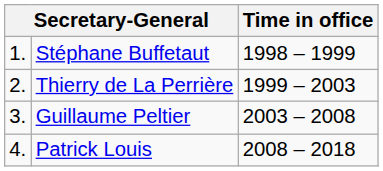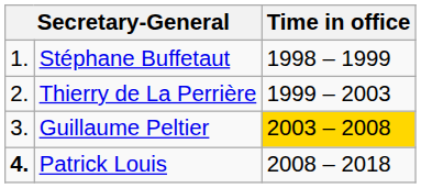 <table class="wikitable">
 <tr>
 <th colspan="2">Secretary-General</th>
 <th>Time in office</th>
 </tr>
 <tr>
 <td>1.</td>
 <td><a href='#'>Stéphane Buffetaut</a></td>
 <td>1998 – 1999</td>
 </tr>
 <tr>
 <td>2.</td>
 <td><a href='#'>Thierry de La Perrière</a></td>
 <td>1999 – 2003</td>
 </tr>
 <tr>
 <td>3.</td>
 <td><a href='#'>Guillaume Peltier</a></td>
-<td>2003 – 2008</td>
+<td style="background: gold;">2003 – 2008</td>
 </tr>
 <tr>
-<td>4.</td>
+<td><strong>4.</strong></td>
 <td><a href='#'>Patrick Louis</a></td>
 <td>2008 – 2018</td>
 </tr>
 </table>
